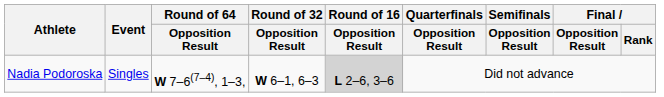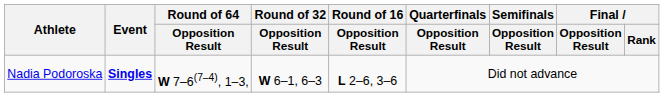 <table class="wikitable" style="font-size:90%;">
 <tr>
 <th rowspan=2>Athlete</th>
 <th rowspan=2>Event</th>
 <th>Round of 64</th>
 <th>Round of 32</th>
 <th>Round of 16</th>
 <th>Quarterfinals</th>
 <th>Semifinals</th>
 <th colspan=2>Final / </th>
 </tr>
 <tr style="font-size:95%">
 <th>Opposition<br>Result</th>
 <th>Opposition<br>Result</th>
 <th>Opposition<br>Result</th>
 <th>Opposition<br>Result</th>
 <th>Opposition<br>Result</th>
 <th>Opposition<br>Result</th>
 <th>Rank</th>
 </tr>
 <tr align=center>
 <td align=left><a href='#'>Nadia Podoroska</a></td>
-<td align=left><a href='#'>Singles</a></td>
+<td align=left><strong><a href='#'>Singles</a></strong></td>
 <td><br><strong>W</strong> 7–6<sup>(7–4)</sup>, 1–3, </td>
 <td><br><strong>W</strong> 6–1, 6–3</td>
-<td style="background: lightgrey;"><br><strong>L</strong> 2–6, 3–6</td>
+<td><br><strong>L</strong> 2–6, 3–6</td>
 <td colspan=4>Did not advance</td>
 </tr>
 </table>
